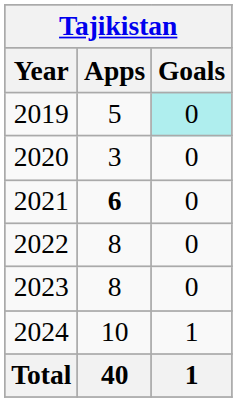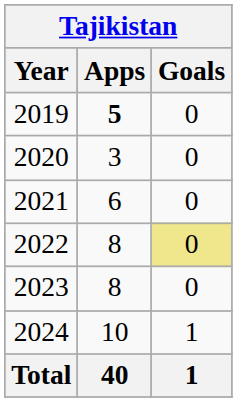 <table class="wikitable" style="text-align:center">
 <tr>
 <th colspan=3><a href='#'>Tajikistan</a></th>
 </tr>
 <tr>
 <th>Year</th>
 <th>Apps</th>
 <th>Goals</th>
 </tr>
 <tr>
 <td>2019</td>
-<td>5</td>
-<td style="background: paleturquoise;">0</td>
+<td><strong>5</strong></td>
+<td>0</td>
 </tr>
 <tr>
 <td>2020</td>
 <td>3</td>
 <td>0</td>
 </tr>
 <tr>
 <td>2021</td>
-<td><strong>6</strong></td>
+<td>6</td>
 <td>0</td>
 </tr>
 <tr>
 <td>2022</td>
 <td>8</td>
-<td>0</td>
+<td style="background: khaki;">0</td>
 </tr>
 <tr>
 <td>2023</td>
 <td>8</td>
 <td>0</td>
 </tr>
 <tr>
 <td>2024</td>
 <td>10</td>
 <td>1</td>
 </tr>
 <tr>
 <th>Total</th>
 <th>40</th>
 <th>1</th>
 </tr>
 </table>
